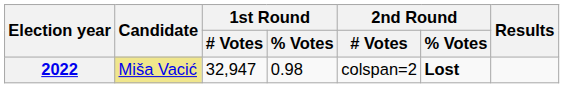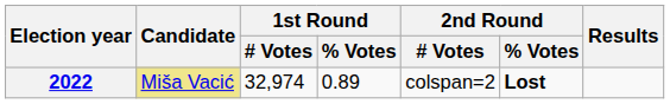 <table class="wikitable">
 <tr>
 <th rowspan=2>Election year</th>
 <th rowspan=2>Candidate</th>
 <th colspan=2>1st Round</th>
 <th colspan=2>2nd Round</th>
 <th rowspan=2>Results</th>
 </tr>
 <tr>
 <th># Votes</th>
 <th>% Votes</th>
 <th># Votes</th>
 <th>% Votes</th>
 </tr>
 <tr>
 <th><a href='#'>2022</a></th>
 <td style="background: khaki;"><a href='#'>Miša Vacić</a></td>
-<td>32,947</td>
-<td>0.98</td>
+<td>32,974</td>
+<td>0.89</td>
 <td>colspan=2 </td>
 <td><strong>Lost</strong> </td>
 </tr>
 </table>
